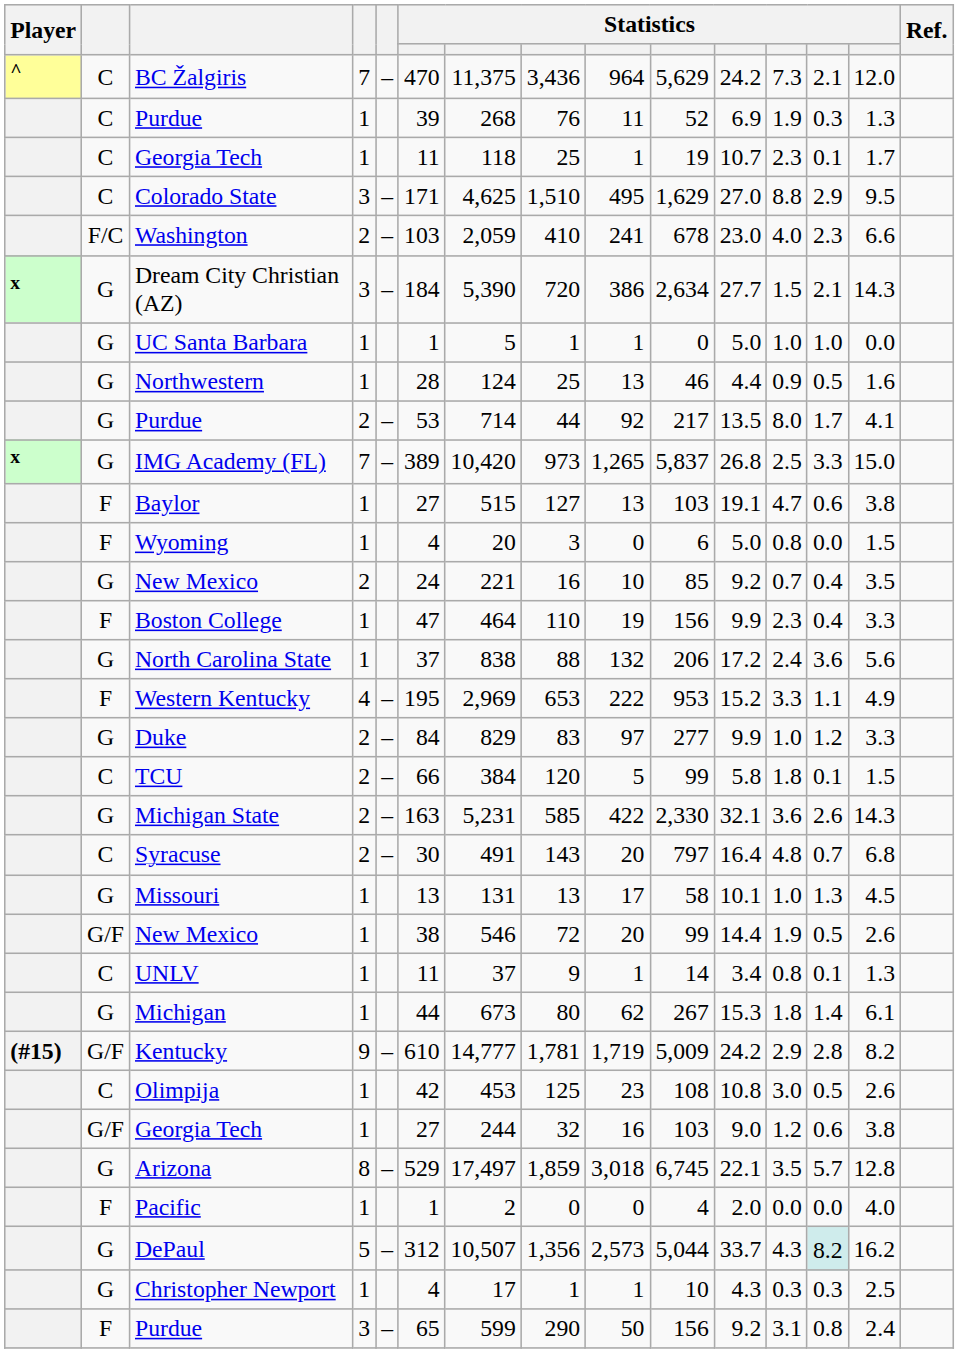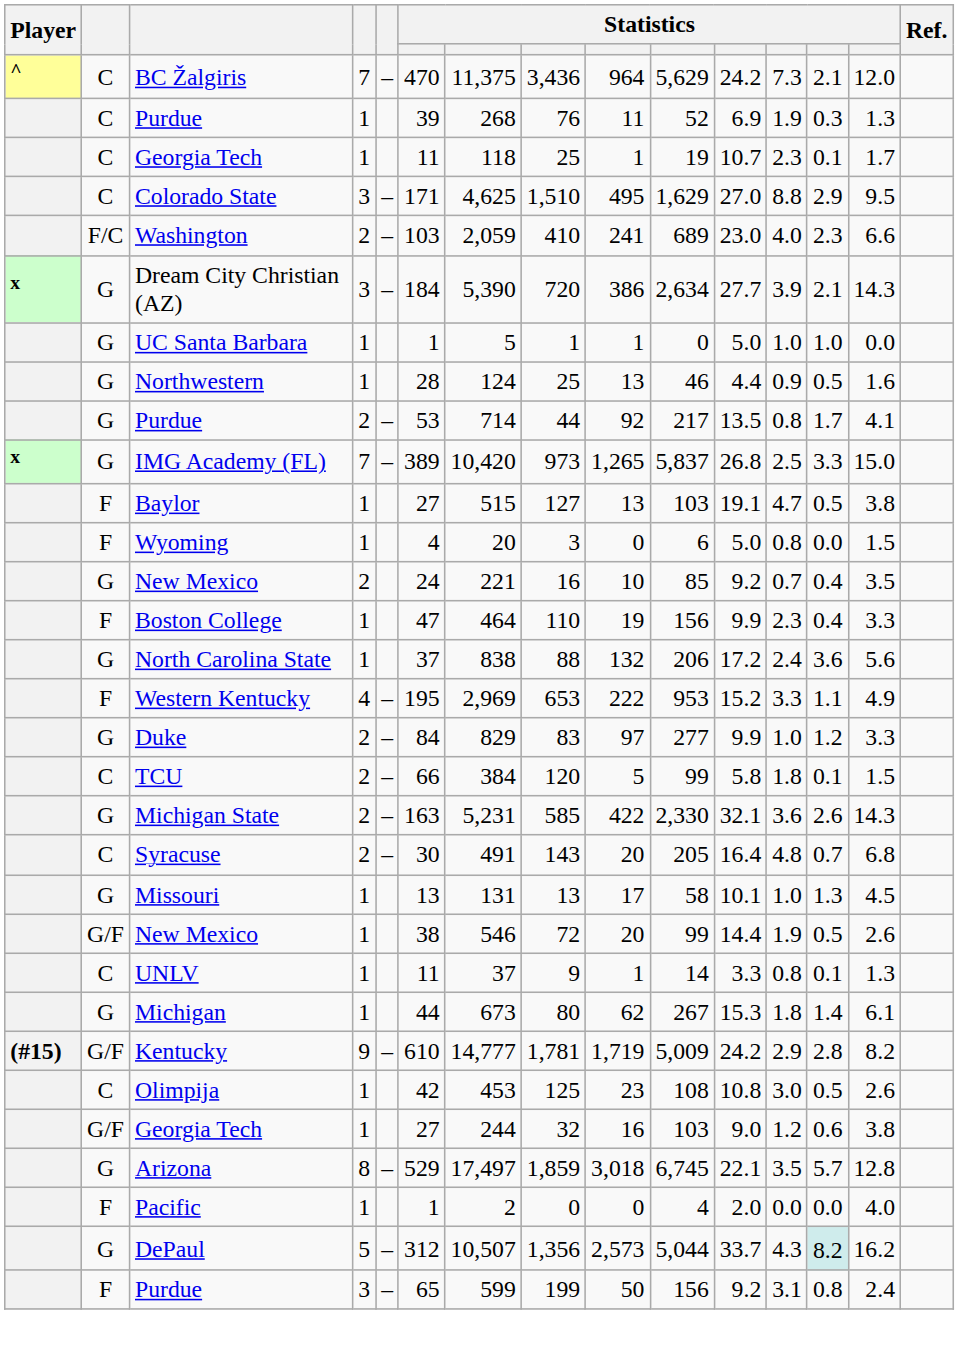 <table class="wikitable sortable" style="font-size:95%; text-align:right;">
 <tr>
 <th scope=col rowspan="2">Player</th>
 <th scope=col rowspan="2"></th>
 <th scope=col rowspan="2"></th>
 <th scope=col rowspan="2"></th>
 <th scope=col rowspan="2"></th>
 <th scope=colgroup colspan="9">Statistics</th>
 <th scope=col rowspan="2">Ref.</th>
 </tr>
 <tr>
 <th scope=col></th>
 <th scope=col></th>
 <th scope=col></th>
 <th scope=col></th>
 <th scope=col></th>
 <th scope=col></th>
 <th scope=col></th>
 <th scope=col></th>
 <th scope=col></th>
 </tr>
 <tr>
 <th scope=row style="text-align:left; background-color:#FFFF99;"><sup>^</sup></th>
 <td align="center">C</td>
 <td align="left"> <a href='#'>BC Žalgiris</a></td>
 <td align="center">7</td>
 <td align="center">–<br></td>
 <td>470</td>
 <td>11,375</td>
 <td>3,436</td>
 <td>964</td>
 <td>5,629</td>
 <td>24.2</td>
 <td>7.3</td>
 <td>2.1</td>
 <td>12.0</td>
 <td align=center></td>
 </tr>
 <tr>
 <th scope=row style="text-align:left;"></th>
 <td align="center">C</td>
 <td align="left"><a href='#'>Purdue</a></td>
 <td align="center">1</td>
 <td align="center"></td>
 <td>39</td>
 <td>268</td>
 <td>76</td>
 <td>11</td>
 <td>52</td>
 <td>6.9</td>
 <td>1.9</td>
 <td>0.3</td>
 <td>1.3</td>
 <td align=center></td>
 </tr>
 <tr>
 <th scope=row style="text-align:left;"></th>
 <td align="center">C</td>
 <td align="left"><a href='#'>Georgia Tech</a></td>
 <td align="center">1</td>
 <td align="center"></td>
 <td>11</td>
 <td>118</td>
 <td>25</td>
 <td>1</td>
 <td>19</td>
 <td>10.7</td>
 <td>2.3</td>
 <td>0.1</td>
 <td>1.7</td>
 <td align=center></td>
 </tr>
 <tr>
 <th scope=row style="text-align:left;"></th>
 <td align="center">C</td>
 <td align="left"><a href='#'>Colorado State</a></td>
 <td align="center">3</td>
 <td align="center">–<br></td>
 <td>171</td>
 <td>4,625</td>
 <td>1,510</td>
 <td>495</td>
 <td>1,629</td>
 <td>27.0</td>
 <td>8.8</td>
 <td>2.9</td>
 <td>9.5</td>
 <td align=center></td>
 </tr>
 <tr>
 <th scope=row style="text-align:left;"></th>
 <td align="center">F/C</td>
 <td align="left"><a href='#'>Washington</a></td>
 <td align="center">2</td>
 <td align="center">–</td>
 <td>103</td>
 <td>2,059</td>
 <td>410</td>
 <td>241</td>
-<td>678</td>
+<td>689</td>
 <td>23.0</td>
 <td>4.0</td>
 <td>2.3</td>
 <td>6.6</td>
 <td align=center></td>
 </tr>
 <tr>
 <th scope=row style="text-align:left; background-color:#CCFFCC;"><sup>x</sup></th>
 <td align="center">G</td>
 <td align="left">Dream City Christian (AZ)</td>
 <td align="center">3</td>
 <td align="center">–</td>
 <td>184</td>
 <td>5,390</td>
 <td>720</td>
 <td>386</td>
 <td>2,634</td>
 <td>27.7</td>
-<td>1.5</td>
+<td>3.9</td>
 <td>2.1</td>
 <td>14.3</td>
 <td align=center></td>
 </tr>
 <tr>
 <th scope=row style="text-align:left;"></th>
 <td align="center">G</td>
 <td align="left"><a href='#'>UC Santa Barbara</a></td>
 <td align="center">1</td>
 <td align="center"></td>
 <td>1</td>
 <td>5</td>
 <td>1</td>
 <td>1</td>
 <td>0</td>
 <td>5.0</td>
 <td>1.0</td>
 <td>1.0</td>
 <td>0.0</td>
 <td align=center></td>
 </tr>
 <tr>
 <th scope=row style="text-align:left;"></th>
 <td align="center">G</td>
 <td align="left"><a href='#'>Northwestern</a></td>
 <td align="center">1</td>
 <td align="center"></td>
 <td>28</td>
 <td>124</td>
 <td>25</td>
 <td>13</td>
 <td>46</td>
 <td>4.4</td>
 <td>0.9</td>
 <td>0.5</td>
 <td>1.6</td>
 <td align=center></td>
 </tr>
 <tr>
 <th scope=row style="text-align:left;"></th>
 <td align="center">G</td>
 <td align="left"><a href='#'>Purdue</a></td>
 <td align="center">2</td>
 <td align="center">–</td>
 <td>53</td>
 <td>714</td>
 <td>44</td>
 <td>92</td>
 <td>217</td>
 <td>13.5</td>
-<td>8.0</td>
+<td>0.8</td>
 <td>1.7</td>
 <td>4.1</td>
 <td align=center></td>
 </tr>
 <tr>
 <th scope=row style="text-align:left; background-color:#CCFFCC;"><sup>x</sup></th>
 <td align="center">G</td>
 <td align="left"><a href='#'>IMG Academy (FL)</a></td>
 <td align="center">7</td>
 <td align="center">–</td>
 <td>389</td>
 <td>10,420</td>
 <td>973</td>
 <td>1,265</td>
 <td>5,837</td>
 <td>26.8</td>
 <td>2.5</td>
 <td>3.3</td>
 <td>15.0</td>
 <td align=center></td>
 </tr>
 <tr>
 <th scope=row style="text-align:left;"></th>
 <td align="center">F</td>
 <td align="left"><a href='#'>Baylor</a></td>
 <td align="center">1</td>
 <td align="center"></td>
 <td>27</td>
 <td>515</td>
 <td>127</td>
 <td>13</td>
 <td>103</td>
 <td>19.1</td>
 <td>4.7</td>
-<td>0.6</td>
+<td>0.5</td>
 <td>3.8</td>
 <td align=center></td>
 </tr>
 <tr>
 <th scope=row style="text-align:left;"></th>
 <td align="center">F</td>
 <td align="left"><a href='#'>Wyoming</a></td>
 <td align="center">1</td>
 <td align="center"></td>
 <td>4</td>
 <td>20</td>
 <td>3</td>
 <td>0</td>
 <td>6</td>
 <td>5.0</td>
 <td>0.8</td>
 <td>0.0</td>
 <td>1.5</td>
 <td align=center></td>
 </tr>
 <tr>
 <th scope=row style="text-align:left;"></th>
 <td align="center">G</td>
 <td align="left"><a href='#'>New Mexico</a></td>
 <td align="center">2</td>
 <td align="center"><br></td>
 <td>24</td>
 <td>221</td>
 <td>16</td>
 <td>10</td>
 <td>85</td>
 <td>9.2</td>
 <td>0.7</td>
 <td>0.4</td>
 <td>3.5</td>
 <td align=center></td>
 </tr>
 <tr>
 <th scope=row style="text-align:left;"></th>
 <td align="center">F</td>
 <td align="left"><a href='#'>Boston College</a></td>
 <td align="center">1</td>
 <td align="center"></td>
 <td>47</td>
 <td>464</td>
 <td>110</td>
 <td>19</td>
 <td>156</td>
 <td>9.9</td>
 <td>2.3</td>
 <td>0.4</td>
 <td>3.3</td>
 <td align=center></td>
 </tr>
 <tr>
 <th scope=row style="text-align:left;"></th>
 <td align="center">G</td>
 <td align="left"><a href='#'>North Carolina State</a></td>
 <td align="center">1</td>
 <td align="center"></td>
 <td>37</td>
 <td>838</td>
 <td>88</td>
 <td>132</td>
 <td>206</td>
 <td>17.2</td>
 <td>2.4</td>
 <td>3.6</td>
 <td>5.6</td>
 <td align=center></td>
 </tr>
 <tr>
 <th scope=row style="text-align:left;"></th>
 <td align="center">F</td>
 <td align="left"><a href='#'>Western Kentucky</a></td>
 <td align="center">4</td>
 <td align="center">–</td>
 <td>195</td>
 <td>2,969</td>
 <td>653</td>
 <td>222</td>
 <td>953</td>
 <td>15.2</td>
 <td>3.3</td>
 <td>1.1</td>
 <td>4.9</td>
 <td align=center></td>
 </tr>
 <tr>
 <th scope=row style="text-align:left;"></th>
 <td align="center">G</td>
 <td align="left"><a href='#'>Duke</a></td>
 <td align="center">2</td>
 <td align="center">–</td>
 <td>84</td>
 <td>829</td>
 <td>83</td>
 <td>97</td>
 <td>277</td>
 <td>9.9</td>
 <td>1.0</td>
 <td>1.2</td>
 <td>3.3</td>
 <td align=center></td>
 </tr>
 <tr>
 <th scope=row style="text-align:left;"></th>
 <td align="center">C</td>
 <td align="left"><a href='#'>TCU</a></td>
 <td align="center">2</td>
 <td align="center">–</td>
 <td>66</td>
 <td>384</td>
 <td>120</td>
 <td>5</td>
 <td>99</td>
 <td>5.8</td>
 <td>1.8</td>
 <td>0.1</td>
 <td>1.5</td>
 <td align=center></td>
 </tr>
 <tr>
 <th scope=row style="text-align:left;"></th>
 <td align="center">G</td>
 <td align="left"><a href='#'>Michigan State</a></td>
 <td align="center">2</td>
 <td align="center">–</td>
 <td>163</td>
 <td>5,231</td>
 <td>585</td>
 <td>422</td>
 <td>2,330</td>
 <td>32.1</td>
 <td>3.6</td>
 <td>2.6</td>
 <td>14.3</td>
 <td align=center></td>
 </tr>
 <tr>
 <th scope=row style="text-align:left;"></th>
 <td align="center">C</td>
 <td align="left"><a href='#'>Syracuse</a></td>
 <td align="center">2</td>
 <td align="center">–</td>
 <td>30</td>
 <td>491</td>
 <td>143</td>
 <td>20</td>
-<td>797</td>
+<td>205</td>
 <td>16.4</td>
 <td>4.8</td>
 <td>0.7</td>
 <td>6.8</td>
 <td align=center></td>
 </tr>
 <tr>
 <th scope=row style="text-align:left;"></th>
 <td align="center">G</td>
 <td align="left"><a href='#'>Missouri</a></td>
 <td align="center">1</td>
 <td align="center"></td>
 <td>13</td>
 <td>131</td>
 <td>13</td>
 <td>17</td>
 <td>58</td>
 <td>10.1</td>
 <td>1.0</td>
 <td>1.3</td>
 <td>4.5</td>
 <td align=center></td>
 </tr>
 <tr>
 <th scope=row style="text-align:left;"></th>
 <td align="center">G/F</td>
 <td align="left"><a href='#'>New Mexico</a></td>
 <td align="center">1</td>
 <td align="center"></td>
 <td>38</td>
 <td>546</td>
 <td>72</td>
 <td>20</td>
 <td>99</td>
 <td>14.4</td>
 <td>1.9</td>
 <td>0.5</td>
 <td>2.6</td>
 <td align=center></td>
 </tr>
 <tr>
 <th scope=row style="text-align:left;"></th>
 <td align="center">C</td>
 <td align="left"><a href='#'>UNLV</a></td>
 <td align="center">1</td>
 <td align="center"></td>
 <td>11</td>
 <td>37</td>
 <td>9</td>
 <td>1</td>
 <td>14</td>
-<td>3.4</td>
+<td>3.3</td>
 <td>0.8</td>
 <td>0.1</td>
 <td>1.3</td>
 <td align=center></td>
 </tr>
 <tr>
 <th scope=row style="text-align:left;"></th>
 <td align="center">G</td>
 <td align="left"><a href='#'>Michigan</a></td>
 <td align="center">1</td>
 <td align="center"></td>
 <td>44</td>
 <td>673</td>
 <td>80</td>
 <td>62</td>
 <td>267</td>
 <td>15.3</td>
 <td>1.8</td>
 <td>1.4</td>
 <td>6.1</td>
 <td align=center></td>
 </tr>
 <tr>
 <th scope=row style="text-align:left;"> (#15)</th>
 <td align="center">G/F</td>
 <td align="left"><a href='#'>Kentucky</a></td>
 <td align="center">9</td>
 <td align="center">–</td>
 <td>610</td>
 <td>14,777</td>
 <td>1,781</td>
 <td>1,719</td>
 <td>5,009</td>
 <td>24.2</td>
 <td>2.9</td>
 <td>2.8</td>
 <td>8.2</td>
 <td align=center></td>
 </tr>
 <tr>
 <th scope=row style="text-align:left;"></th>
 <td align="center">C</td>
 <td align="left"> <a href='#'>Olimpija</a></td>
 <td align="center">1</td>
 <td align="center"></td>
 <td>42</td>
 <td>453</td>
 <td>125</td>
 <td>23</td>
 <td>108</td>
 <td>10.8</td>
 <td>3.0</td>
 <td>0.5</td>
 <td>2.6</td>
 <td align=center></td>
 </tr>
 <tr>
 <th scope=row style="text-align:left;"></th>
 <td align="center">G/F</td>
 <td align="left"><a href='#'>Georgia Tech</a></td>
 <td align="center">1</td>
 <td align="center"></td>
 <td>27</td>
 <td>244</td>
 <td>32</td>
 <td>16</td>
 <td>103</td>
 <td>9.0</td>
 <td>1.2</td>
 <td>0.6</td>
 <td>3.8</td>
 <td align=center></td>
 </tr>
 <tr>
 <th scope=row style="text-align:left;"></th>
 <td align="center">G</td>
 <td align="left"><a href='#'>Arizona</a></td>
 <td align="center">8</td>
 <td align="center">–</td>
 <td>529</td>
 <td>17,497</td>
 <td>1,859</td>
 <td>3,018</td>
 <td>6,745</td>
 <td>22.1</td>
 <td>3.5</td>
 <td>5.7</td>
 <td>12.8</td>
 <td align=center></td>
 </tr>
 <tr>
 <th scope=row style="text-align:left;"></th>
 <td align="center">F</td>
 <td align="left"><a href='#'>Pacific</a></td>
 <td align="center">1</td>
 <td align="center"></td>
 <td>1</td>
 <td>2</td>
 <td>0</td>
 <td>0</td>
 <td>4</td>
 <td>2.0</td>
 <td>0.0</td>
 <td>0.0</td>
 <td>4.0</td>
 <td align=center></td>
 </tr>
 <tr>
 <th scope=row style="text-align:left;"></th>
 <td align="center">G</td>
 <td align="left"><a href='#'>DePaul</a></td>
 <td align="center">5</td>
 <td align="center">–<br></td>
 <td>312</td>
 <td>10,507</td>
 <td>1,356</td>
 <td>2,573</td>
 <td>5,044</td>
 <td>33.7</td>
 <td>4.3</td>
 <td bgcolor="#CFECEC">8.2<sup></sup></td>
 <td>16.2</td>
 <td align=center></td>
 </tr>
 <tr>
 <th scope=row style="text-align:left;"></th>
-<td align="center">G</td>
-<td align="left"><a href='#'>Christopher Newport</a></td>
-<td align="center">1</td>
-<td align="center"></td>
-<td>4</td>
-<td>17</td>
-<td>1</td>
-<td>1</td>
-<td>10</td>
-<td>4.3</td>
-<td>0.3</td>
-<td>0.3</td>
-<td>2.5</td>
-<td align=center></td>
-</tr>
-<tr>
-<th scope=row style="text-align:left;"></th>
 <td align="center">F</td>
 <td align="left"><a href='#'>Purdue</a></td>
 <td align="center">3</td>
 <td align="center">–<br></td>
 <td>65</td>
 <td>599</td>
-<td>290</td>
+<td>199</td>
 <td>50</td>
 <td>156</td>
 <td>9.2</td>
 <td>3.1</td>
 <td>0.8</td>
 <td>2.4</td>
 <td align=center></td>
 </tr>
 </table>
